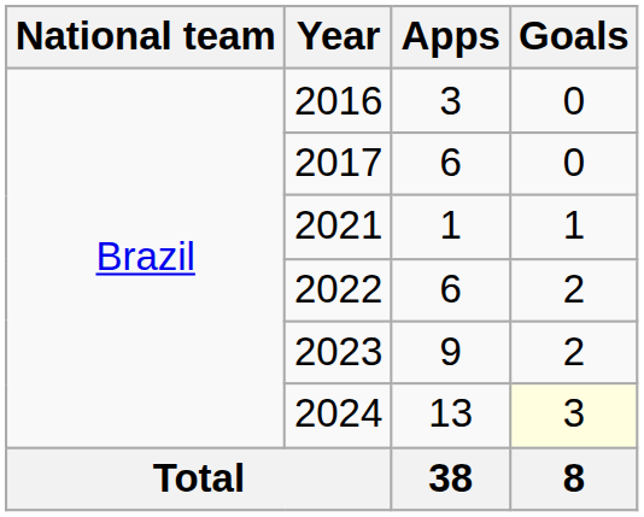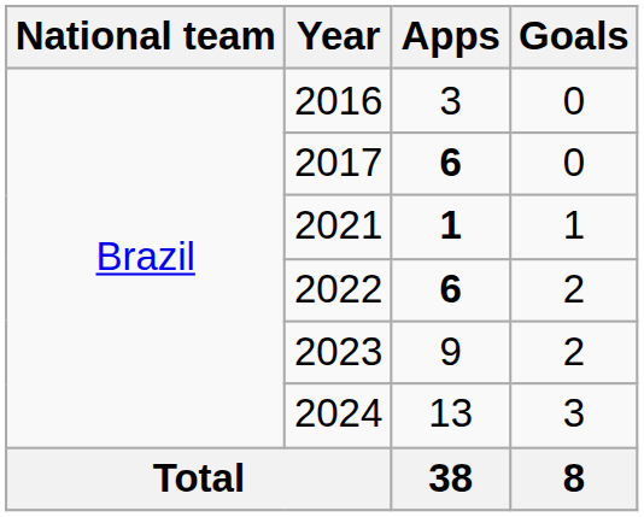 <table class="wikitable" style="text-align:center">
 <tr>
 <th>National team</th>
 <th>Year</th>
 <th>Apps</th>
 <th>Goals</th>
 </tr>
 <tr>
 <td rowspan="6"><a href='#'>Brazil</a></td>
 <td>2016</td>
 <td>3</td>
 <td>0</td>
 </tr>
 <tr>
 <td>2017</td>
-<td>6</td>
+<td><strong>6</strong></td>
 <td>0</td>
 </tr>
 <tr>
 <td>2021</td>
-<td>1</td>
+<td><strong>1</strong></td>
 <td>1</td>
 </tr>
 <tr>
 <td>2022</td>
-<td>6</td>
+<td><strong>6</strong></td>
 <td>2</td>
 </tr>
 <tr>
 <td>2023</td>
 <td>9</td>
 <td>2</td>
 </tr>
 <tr>
 <td>2024</td>
 <td>13</td>
-<td style="background: lightyellow;">3</td>
+<td>3</td>
 </tr>
 <tr>
 <th colspan="2">Total</th>
 <th>38</th>
 <th>8</th>
 </tr>
 </table>
